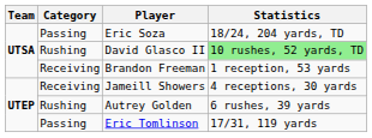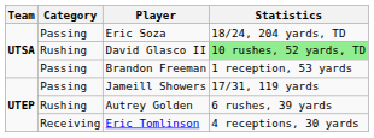 <table class="wikitable" style="float: left;">
 <tr>
 <th>Team</th>
 <th>Category</th>
 <th>Player</th>
 <th>Statistics</th>
 </tr>
 <tr>
 <td rowspan=3><strong>UTSA</strong></td>
 <td>Passing</td>
 <td>Eric Soza</td>
 <td>18/24, 204 yards, TD</td>
 </tr>
 <tr>
 <td>Rushing</td>
 <td>David Glasco II</td>
 <td style="background: lightgreen;">10 rushes, 52 yards, TD</td>
 </tr>
 <tr>
-<td>Receiving</td>
+<td>Passing</td>
 <td>Brandon Freeman</td>
 <td>1 reception, 53 yards</td>
 </tr>
 <tr>
 <td rowspan=3><strong>UTEP</strong></td>
-<td>Receiving</td>
+<td>Passing</td>
 <td>Jameill Showers</td>
-<td>4 receptions, 30 yards</td>
+<td>17/31, 119 yards</td>
 </tr>
 <tr>
 <td>Rushing</td>
 <td>Autrey Golden</td>
 <td>6 rushes, 39 yards</td>
 </tr>
 <tr>
-<td>Passing</td>
+<td>Receiving</td>
 <td><a href='#'>Eric Tomlinson</a></td>
-<td>17/31, 119 yards</td>
+<td>4 receptions, 30 yards</td>
 </tr>
 </table>
